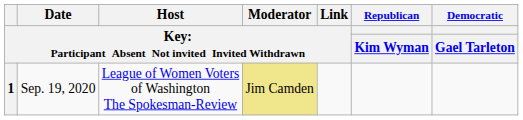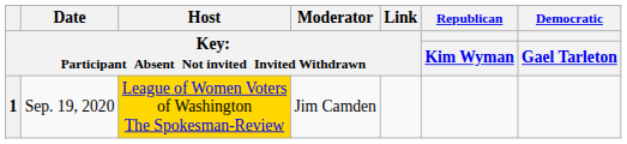 <table class="wikitable" style="text-align:center;">
 <tr>
 <th scope="col"></th>
 <th scope="col">Date</th>
 <th scope="col">Host</th>
 <th scope="col">Moderator</th>
 <th scope="col">Link</th>
 <th scope="col"><small><a href='#'>Republican</a></small></th>
 <th scope="col"><small><a href='#'>Democratic</a></small></th>
 </tr>
 <tr>
 <th colspan="5" rowspan="2">Key:<br> <small>Participant </small>  <small>Absent </small>  <small>Not invited </small>  <small>Invited  Withdrawn</small></th>
 <th scope="col" style="background:"></th>
 <th scope="col" style="background:"></th>
 </tr>
 <tr>
 <th scope="col"><a href='#'>Kim Wyman</a></th>
 <th scope="col"><a href='#'>Gael Tarleton</a></th>
 </tr>
 <tr>
 <th>1</th>
 <td style="white-space:nowrap;">Sep. 19, 2020</td>
-<td style="white-space:nowrap;"><a href='#'>League of Women Voters</a><br>of Washington<br><a href='#'>The Spokesman-Review</a></td>
-<td style="background: khaki; white-space:nowrap;">Jim Camden</td>
+<td style="background: gold; white-space:nowrap;"><a href='#'>League of Women Voters</a><br>of Washington<br><a href='#'>The Spokesman-Review</a></td>
+<td style="white-space:nowrap;">Jim Camden</td>
 <td style="white-space:nowrap;"></td>
 <td></td>
 <td></td>
 </tr>
 </table>
